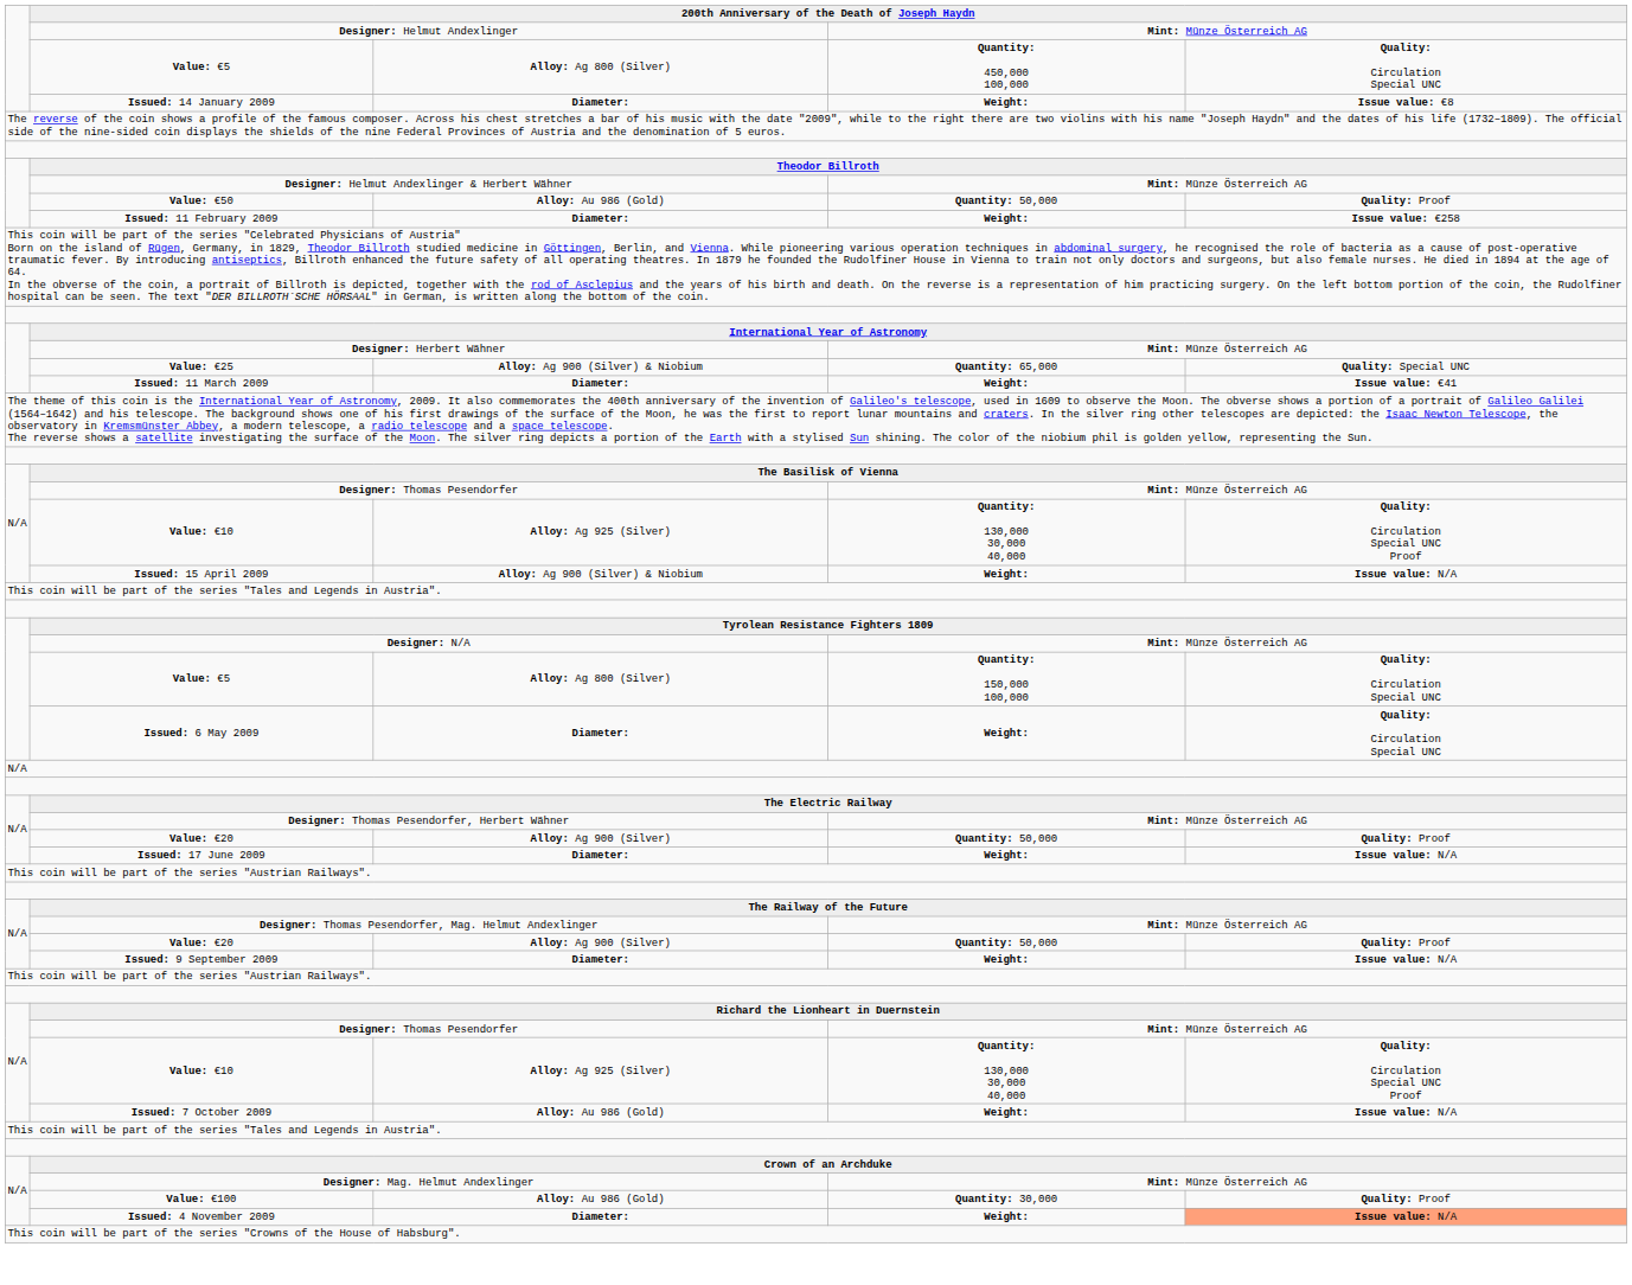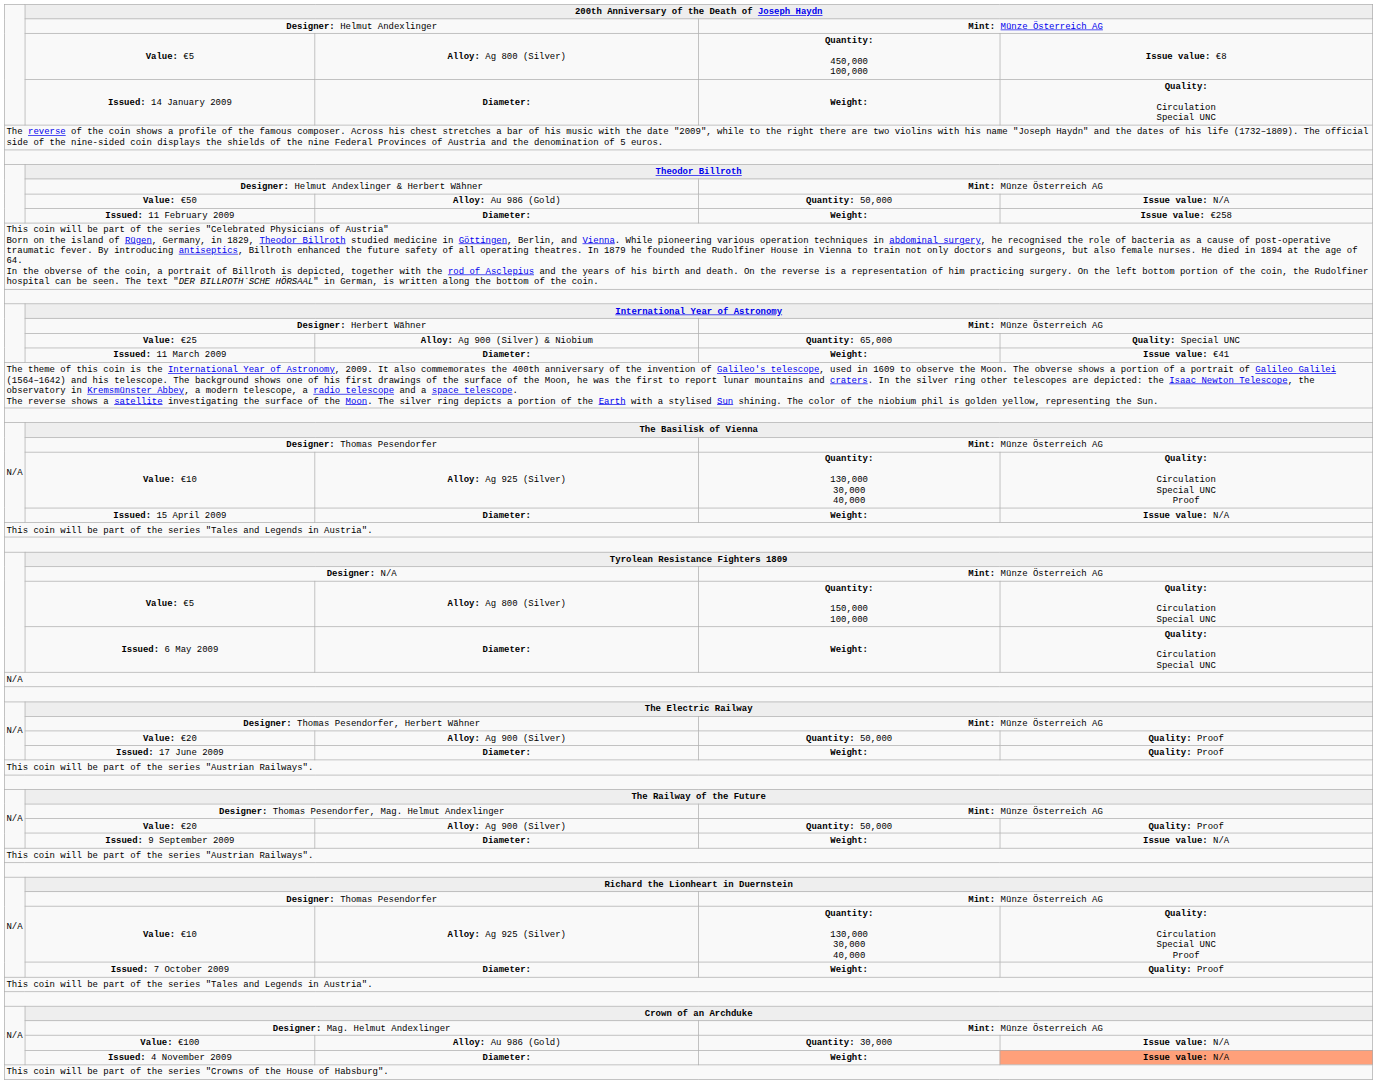 <table class="wikitable" width="100%">
 <tr>
 <td rowspan=4 width="330px" nowrap align=center> </td>
 <th colspan="4" align=center style="background:#eeeeee;">200th Anniversary of the Death of <a href='#'>Joseph Haydn</a></th>
 </tr>
 <tr>
 <td colspan="2" width="50%" align=center><strong>Designer:</strong> Helmut Andexlinger</td>
 <td colspan="2" width="50%" align=center><strong>Mint:</strong> <a href='#'>Münze Österreich AG</a></td>
 </tr>
 <tr>
 <td align=center><strong>Value:</strong> €5</td>
 <td align=center><strong>Alloy:</strong> Ag 800 (Silver)</td>
 <td align=center><strong>Quantity:</strong><br><br>450,000<br> 100,000</td>
-<td align=center><strong>Quality:</strong><br><br>Circulation<br> Special UNC</td>
+<td align=center><strong>Issue value:</strong> €8</td>
 </tr>
 <tr>
 <td align=center><strong>Issued:</strong> 14 January 2009</td>
 <td align=center><strong>Diameter:</strong> </td>
 <td align=center><strong>Weight:</strong> </td>
-<td align=center><strong>Issue value:</strong> €8</td>
+<td align=center><strong>Quality:</strong><br><br>Circulation<br> Special UNC</td>
 </tr>
 <tr>
 <td colspan="5" align=left>The <a href='#'>reverse</a> of the coin shows a profile of the famous composer. Across his chest stretches a bar of his music with the date "2009", while to the right there are two violins with his name "Joseph Haydn" and the dates of his life (1732–1809). The official side of the nine-sided coin displays the shields of the nine Federal Provinces of Austria and the denomination of 5 euros.</td>
 </tr>
 <tr>
 <td colspan="5"> </td>
 </tr>
 <tr>
 <td rowspan=4 width="330px" nowrap align=center> </td>
 <th colspan="4" align=center style="background:#eeeeee;"><a href='#'>Theodor Billroth</a></th>
 </tr>
 <tr>
 <td colspan="2" width="50%" align=center><strong>Designer:</strong> Helmut Andexlinger & Herbert Wähner</td>
 <td colspan="2" width="50%" align=center><strong>Mint:</strong> Münze Österreich AG</td>
 </tr>
 <tr>
 <td align=center><strong>Value:</strong> €50</td>
 <td align=center><strong>Alloy:</strong> Au 986 (Gold)</td>
 <td align=center><strong>Quantity:</strong> 50,000</td>
-<td align=center><strong>Quality:</strong> Proof</td>
+<td align=center><strong>Issue value:</strong> N/A</td>
 </tr>
 <tr>
 <td align=center><strong>Issued:</strong> 11 February 2009</td>
 <td align=center><strong>Diameter:</strong> </td>
 <td align=center><strong>Weight:</strong> </td>
 <td align=center><strong>Issue value:</strong> €258</td>
 </tr>
 <tr>
 <td colspan="5" align=left>This coin will be part of the series "Celebrated Physicians of Austria"<br>Born on the island of <a href='#'>Rügen</a>, Germany, in 1829, <a href='#'>Theodor Billroth</a> studied medicine in <a href='#'>Göttingen</a>, Berlin, and <a href='#'>Vienna</a>. While pioneering various operation techniques in <a href='#'>abdominal surgery</a>, he recognised the role of bacteria as a cause of post-operative traumatic fever. By introducing <a href='#'>antiseptics</a>, Billroth enhanced the future safety of all operating theatres. In 1879 he founded the Rudolfiner House in Vienna to train not only doctors and surgeons, but also female nurses. He died in 1894 at the age of 64.<br>In the obverse of the coin, a portrait of Billroth is depicted, together with the <a href='#'>rod of Asclepius</a> and the years of his birth and death. On the reverse is a representation of him practicing surgery. On the left bottom portion of the coin, the Rudolfiner hospital can be seen. The text "<em>DER BILLROTH´SCHE HÖRSAAL</em>" in German, is written along the bottom of the coin.</td>
 </tr>
 <tr>
 <td colspan="5"> </td>
 </tr>
 <tr>
 <td rowspan=4 width="330px" nowrap align=center> </td>
 <th colspan="4" align=center style="background:#eeeeee;"><a href='#'>International Year of Astronomy</a></th>
 </tr>
 <tr>
 <td colspan="2" width="50%" align=center><strong>Designer:</strong> Herbert Wähner</td>
 <td colspan="2" width="50%" align=center><strong>Mint:</strong> Münze Österreich AG</td>
 </tr>
 <tr>
 <td align=center><strong>Value:</strong> €25</td>
 <td align=center><strong>Alloy:</strong> Ag 900 (Silver) & Niobium</td>
 <td align=center><strong>Quantity:</strong> 65,000</td>
 <td align=center><strong>Quality:</strong> Special UNC</td>
 </tr>
 <tr>
 <td align=center><strong>Issued:</strong> 11 March 2009</td>
 <td align=center><strong>Diameter:</strong> </td>
 <td align=center><strong>Weight:</strong> </td>
 <td align=center><strong>Issue value:</strong> €41</td>
 </tr>
 <tr>
 <td colspan="5" align=left>The theme of this coin is the <a href='#'>International Year of Astronomy</a>, 2009. It also commemorates the 400th anniversary of the invention of <a href='#'>Galileo's telescope</a>, used in 1609 to observe the Moon. The obverse shows a portion of a portrait of <a href='#'>Galileo Galilei</a> (1564–1642) and his telescope. The background shows one of his first drawings of the surface of the Moon, he was the first to report lunar mountains and <a href='#'>craters</a>. In the silver ring other telescopes are depicted: the <a href='#'>Isaac Newton Telescope</a>, the observatory in <a href='#'>Kremsmünster Abbey</a>, a modern telescope, a <a href='#'>radio telescope</a> and a <a href='#'>space telescope</a>.<br>The reverse shows a <a href='#'>satellite</a> investigating the surface of the <a href='#'>Moon</a>. The silver ring depicts a portion of the <a href='#'>Earth</a> with a stylised <a href='#'>Sun</a> shining. The color of the niobium phil is golden yellow, representing the Sun.</td>
 </tr>
 <tr>
 <td colspan="5"> </td>
 </tr>
 <tr>
 <td rowspan=4 width="330px" nowrap align=center>N/A</td>
 <th colspan="4" align=center style="background:#eeeeee;">The Basilisk of Vienna</th>
 </tr>
 <tr>
 <td colspan="2" width="50%" align=center><strong>Designer:</strong> Thomas Pesendorfer</td>
 <td colspan="2" width="50%" align=center><strong>Mint:</strong> Münze Österreich AG</td>
 </tr>
 <tr>
 <td align=center><strong>Value:</strong> €10</td>
 <td align=center><strong>Alloy:</strong> Ag 925 (Silver)</td>
 <td align=center><strong>Quantity:</strong><br><br>130,000<br> 30,000<br> 40,000<br></td>
 <td align=center><strong>Quality:</strong><br><br>Circulation<br> Special UNC<br> Proof</td>
 </tr>
 <tr>
 <td align=center><strong>Issued:</strong> 15 April 2009</td>
-<td align=center><strong>Alloy:</strong> Ag 900 (Silver) & Niobium</td>
+<td align=center><strong>Diameter:</strong> </td>
 <td align=center><strong>Weight:</strong> </td>
 <td align=center><strong>Issue value:</strong> N/A</td>
 </tr>
 <tr>
 <td colspan="5" align=left>This coin will be part of the series "Tales and Legends in Austria".</td>
 </tr>
 <tr>
 <td colspan="5"> </td>
 </tr>
 <tr>
 <td rowspan=4 width="330px" nowrap align=center></td>
 <th colspan="4" align=center style="background:#eeeeee;">Tyrolean Resistance Fighters 1809</th>
 </tr>
 <tr>
 <td colspan="2" width="50%" align=center><strong>Designer:</strong> N/A</td>
 <td colspan="2" width="50%" align=center><strong>Mint:</strong> Münze Österreich AG</td>
 </tr>
 <tr>
 <td align=center><strong>Value:</strong> €5</td>
 <td align=center><strong>Alloy:</strong> Ag 800 (Silver)</td>
 <td align=center><strong>Quantity:</strong><br><br>150,000<br> 100,000</td>
 <td align=center><strong>Quality:</strong><br><br>Circulation<br> Special UNC</td>
 </tr>
 <tr>
 <td align=center><strong>Issued:</strong> 6 May 2009</td>
 <td align=center><strong>Diameter:</strong> </td>
 <td align=center><strong>Weight:</strong> </td>
 <td align=center><strong>Quality:</strong><br><br>Circulation<br> Special UNC</td>
 </tr>
 <tr>
 <td colspan="5" align=left>N/A</td>
 </tr>
 <tr>
 <td colspan="5"> </td>
 </tr>
 <tr>
 <td rowspan=4 width="330px" nowrap align=center>N/A</td>
 <th colspan="4" align=center style="background:#eeeeee;">The Electric Railway</th>
 </tr>
 <tr>
 <td colspan="2" width="50%" align=center><strong>Designer:</strong> Thomas Pesendorfer, Herbert Wähner</td>
 <td colspan="2" width="50%" align=center><strong>Mint:</strong> Münze Österreich AG</td>
 </tr>
 <tr>
 <td align=center><strong>Value:</strong> €20</td>
 <td align=center><strong>Alloy:</strong> Ag 900 (Silver)</td>
 <td align=center><strong>Quantity:</strong> 50,000</td>
 <td align=center><strong>Quality:</strong> Proof</td>
 </tr>
 <tr>
 <td align=center><strong>Issued:</strong> 17 June 2009</td>
 <td align=center><strong>Diameter:</strong> </td>
 <td align=center><strong>Weight:</strong> </td>
-<td align=center><strong>Issue value:</strong> N/A</td>
+<td align=center><strong>Quality:</strong> Proof</td>
 </tr>
 <tr>
 <td colspan="5" align=left>This coin will be part of the series "Austrian Railways".</td>
 </tr>
 <tr>
 <td colspan="5"> </td>
 </tr>
 <tr>
 <td rowspan=4 width="330px" nowrap align=center>N/A</td>
 <th colspan="4" align=center style="background:#eeeeee;">The Railway of the Future</th>
 </tr>
 <tr>
 <td colspan="2" width="50%" align=center><strong>Designer:</strong> Thomas Pesendorfer, Mag. Helmut Andexlinger</td>
 <td colspan="2" width="50%" align=center><strong>Mint:</strong> Münze Österreich AG</td>
 </tr>
 <tr>
 <td align=center><strong>Value:</strong> €20</td>
 <td align=center><strong>Alloy:</strong> Ag 900 (Silver)</td>
 <td align=center><strong>Quantity:</strong> 50,000</td>
 <td align=center><strong>Quality:</strong> Proof</td>
 </tr>
 <tr>
 <td align=center><strong>Issued:</strong> 9 September 2009</td>
 <td align=center><strong>Diameter:</strong> </td>
 <td align=center><strong>Weight:</strong> </td>
 <td align=center><strong>Issue value:</strong> N/A</td>
 </tr>
 <tr>
 <td colspan="5" align=left>This coin will be part of the series "Austrian Railways".</td>
 </tr>
 <tr>
 <td colspan="5"> </td>
 </tr>
 <tr>
 <td rowspan=4 width="330px" nowrap align=center>N/A</td>
 <th colspan="4" align=center style="background:#eeeeee;">Richard the Lionheart in Duernstein</th>
 </tr>
 <tr>
 <td colspan="2" width="50%" align=center><strong>Designer:</strong> Thomas Pesendorfer</td>
 <td colspan="2" width="50%" align=center><strong>Mint:</strong> Münze Österreich AG</td>
 </tr>
 <tr>
 <td align=center><strong>Value:</strong> €10</td>
 <td align=center><strong>Alloy:</strong> Ag 925 (Silver)</td>
 <td align=center><strong>Quantity:</strong><br><br>130,000<br> 30,000<br> 40,000<br></td>
 <td align=center><strong>Quality:</strong><br><br>Circulation<br> Special UNC<br> Proof</td>
 </tr>
 <tr>
 <td align=center><strong>Issued:</strong> 7 October 2009</td>
-<td align=center><strong>Alloy:</strong> Au 986 (Gold)</td>
+<td align=center><strong>Diameter:</strong> </td>
 <td align=center><strong>Weight:</strong> </td>
-<td align=center><strong>Issue value:</strong> N/A</td>
+<td align=center><strong>Quality:</strong> Proof</td>
 </tr>
 <tr>
 <td colspan="5" align=left>This coin will be part of the series "Tales and Legends in Austria".</td>
 </tr>
 <tr>
 <td colspan="5"> </td>
 </tr>
 <tr>
 <td rowspan=4 width="330px" nowrap align=center>N/A</td>
 <th colspan="4" align=center style="background:#eeeeee;">Crown of an Archduke</th>
 </tr>
 <tr>
 <td colspan="2" width="50%" align=center><strong>Designer:</strong> Mag. Helmut Andexlinger</td>
 <td colspan="2" width="50%" align=center><strong>Mint:</strong> Münze Österreich AG</td>
 </tr>
 <tr>
 <td align=center><strong>Value:</strong> €100</td>
 <td align=center><strong>Alloy:</strong> Au 986 (Gold)</td>
 <td align=center><strong>Quantity:</strong> 30,000</td>
-<td align=center><strong>Quality:</strong> Proof</td>
+<td align=center><strong>Issue value:</strong> N/A</td>
 </tr>
 <tr>
 <td align=center><strong>Issued:</strong> 4 November 2009</td>
 <td align=center><strong>Diameter:</strong> </td>
 <td align=center><strong>Weight:</strong> </td>
 <td align=center style="background: lightsalmon;"><strong>Issue value:</strong> N/A</td>
 </tr>
 <tr>
 <td colspan="5" align=left>This coin will be part of the series "Crowns of the House of Habsburg".</td>
 </tr>
 </table>
